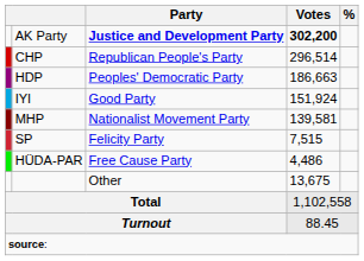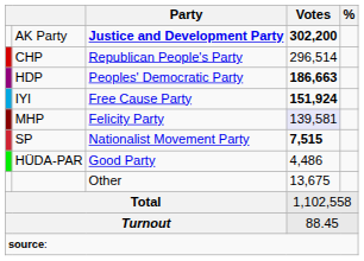 <table class="wikitable">
 <tr>
 <th colspan="2" align="center"></th>
 <th align="center">Party</th>
 <th align="center">Votes</th>
 <th align="center">%</th>
 </tr>
 <tr align="left">
 <td></td>
 <td>AK Party</td>
 <td><strong><a href='#'>Justice and Development Party</a></strong></td>
 <td><strong>302,200</strong></td>
 <td><strong></strong></td>
 </tr>
 <tr align="left">
 <td bgcolor="#d50000" width="1"></td>
 <td>CHP</td>
 <td><a href='#'>Republican People's Party</a></td>
 <td>296,514</td>
 <td></td>
 </tr>
 <tr align="left">
 <td bgcolor="#91007B" width="1"></td>
 <td>HDP</td>
 <td><a href='#'>Peoples' Democratic Party</a></td>
-<td>186,663</td>
+<td><strong>186,663</strong></td>
 <td></td>
 </tr>
 <tr align="left">
 <td bgcolor="#01A7E1" width="1"></td>
 <td>IYI</td>
-<td><a href='#'>Good Party</a></td>
-<td>151,924</td>
+<td><a href='#'>Free Cause Party</a></td>
+<td><strong>151,924</strong></td>
 <td></td>
 </tr>
 <tr align="left">
 <td bgcolor="#870000" width="1"></td>
 <td>MHP</td>
-<td><a href='#'>Nationalist Movement Party</a></td>
-<td>139,581</td>
+<td><a href='#'>Felicity Party</a></td>
+<td style="background: lavender;">139,581</td>
 <td></td>
 </tr>
 <tr align="left">
 <td bgcolor="#D02433" width="1"></td>
 <td>SP</td>
-<td><a href='#'>Felicity Party</a></td>
-<td>7,515</td>
+<td><a href='#'>Nationalist Movement Party</a></td>
+<td><strong>7,515</strong></td>
 <td></td>
 </tr>
 <tr align="left">
 <td bgcolor="#Green" width="1"></td>
 <td>HÜDA-PAR</td>
-<td><a href='#'>Free Cause Party</a></td>
+<td><a href='#'>Good Party</a></td>
 <td>4,486</td>
 <td></td>
 </tr>
 <tr align="left">
 <td bgcolor="" width="1"></td>
 <td></td>
 <td>Other</td>
 <td>13,675</td>
 <td></td>
 </tr>
 <tr align="left" style="background-color:#E9E9E9">
 <th colspan="3" align="center"><strong>Total</strong></th>
 <td colspan="5" align="center">1,102,558</td>
 </tr>
 <tr align="left" style="background-color:#E9E9E9">
 <th colspan="3" align="center"><em>Turnout</em></th>
 <td colspan="5" align="center">88.45</td>
 </tr>
 <tr>
 <td colspan="9" align="left"><small><strong>source</strong>: </small></td>
 </tr>
 </table>
